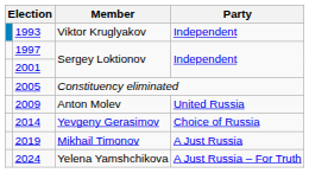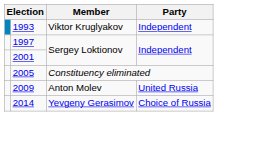 <table class="wikitable">
 <tr>
 <th colspan="2">Election</th>
 <th>Member</th>
 <th>Party</th>
 </tr>
 <tr>
 <td style="background-color:#0085BE"></td>
 <td><a href='#'>1993</a></td>
 <td>Viktor Kruglyakov</td>
 <td><a href='#'>Independent</a></td>
 </tr>
 <tr>
 <td style="background-color:"></td>
 <td><a href='#'>1997</a></td>
 <td rowspan=2>Sergey Loktionov</td>
 <td rowspan=2><a href='#'>Independent</a></td>
 </tr>
 <tr>
 <td style="background-color:"></td>
 <td><a href='#'>2001</a></td>
 </tr>
 <tr>
 <td style="background-color:"></td>
 <td><a href='#'>2005</a></td>
 <td colspan=2><em>Constituency eliminated</em></td>
 </tr>
 <tr>
 <td style="background-color:"></td>
 <td><a href='#'>2009</a></td>
 <td>Anton Molev</td>
 <td><a href='#'>United Russia</a></td>
 </tr>
 <tr>
 <td style="background-color:"></td>
 <td><a href='#'>2014</a></td>
 <td><a href='#'>Yevgeny Gerasimov</a></td>
 <td><a href='#'>Choice of Russia</a></td>
 </tr>
-<tr>
-<td style="background-color:"></td>
-<td><a href='#'>2019</a></td>
-<td><a href='#'>Mikhail Timonov</a></td>
-<td><a href='#'>A Just Russia</a></td>
-</tr>
-<tr>
-<td style="background-color:"></td>
-<td><a href='#'>2024</a></td>
-<td>Yelena Yamshchikova</td>
-<td><a href='#'>A Just Russia – For Truth</a></td>
-</tr>
 </table>
